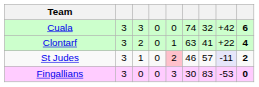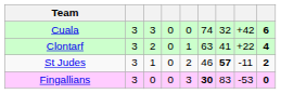 <table class="wikitable" style="text-align:center">
 <tr>
 <th style="width:175px;">Team</th>
 <th width="20"></th>
 <th width="20"></th>
 <th width="20"></th>
 <th width="20"></th>
 <th width="20"></th>
 <th width="20"></th>
 <th width="20"></th>
 <th width="20"></th>
 </tr>
 <tr style="background:#cfc;">
 <td><a href='#'>Cuala</a></td>
 <td>3</td>
 <td>3</td>
 <td>0</td>
 <td>0</td>
 <td>74</td>
 <td>32</td>
 <td>+42</td>
 <td><strong>6</strong></td>
 </tr>
 <tr style="background:#cfc;">
 <td><a href='#'>Clontarf</a></td>
 <td>3</td>
 <td>2</td>
 <td>0</td>
 <td>1</td>
 <td>63</td>
 <td>41</td>
 <td>+22</td>
 <td><strong>4</strong></td>
 </tr>
 <tr>
 <td><a href='#'>St Judes</a></td>
 <td>3</td>
 <td>1</td>
 <td>0</td>
-<td style="background: pink;">2</td>
+<td>2</td>
 <td>46</td>
-<td>57</td>
-<td style="background: lavender;">-11</td>
+<td><strong>57</strong></td>
+<td>-11</td>
 <td><strong>2</strong></td>
 </tr>
 <tr style="background:#fcf;">
 <td><a href='#'>Fingallians</a></td>
 <td>3</td>
 <td>0</td>
 <td>0</td>
 <td>3</td>
-<td>30</td>
+<td><strong>30</strong></td>
 <td>83</td>
 <td>-53</td>
 <td><strong>0</strong></td>
 </tr>
 </table>
